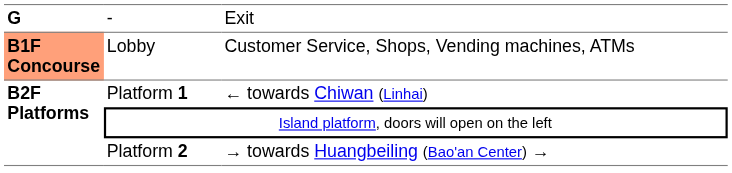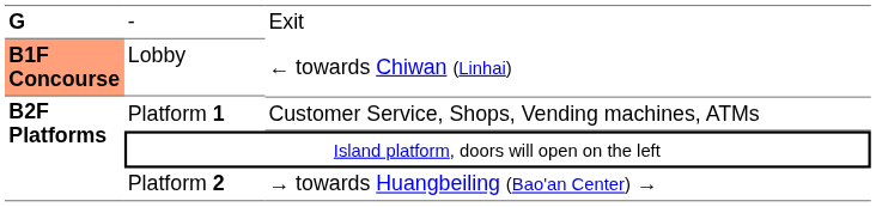 <table table border=0 cellspacing=0 cellpadding=3>
 <tr>
 <td style="border-top:solid 1px gray;" width=50 valign=top><strong>G</strong></td>
 <td style="border-top:solid 1px gray;" width=100 valign=top>-</td>
 <td style="border-top:solid 1px gray;" width=450 valign=top>Exit</td>
 </tr>
 <tr>
 <td style="background: lightsalmon; border-bottom:solid 1px gray; border-top:solid 1px gray;" valign=top width=50><strong>B1F<br>Concourse</strong></td>
 <td style="border-bottom:solid 1px gray; border-top:solid 1px gray;" valign=top width=100>Lobby</td>
-<td style="border-bottom:solid 1px gray; border-top:solid 1px gray;" valign=top width=450>Customer Service, Shops, Vending machines, ATMs</td>
+<td>←  towards <a href='#'>Chiwan</a> <small>(<a href='#'>Linhai</a>)</small></td>
 </tr>
 <tr>
 <td style="border-bottom:solid 1px gray;" rowspan="3" valign=top><strong>B2F<br>Platforms</strong></td>
 <td>Platform <strong>1</strong></td>
-<td>←  towards <a href='#'>Chiwan</a> <small>(<a href='#'>Linhai</a>)</small></td>
+<td style="border-bottom:solid 1px gray; border-top:solid 1px gray;" valign=top width=450>Customer Service, Shops, Vending machines, ATMs</td>
 </tr>
 <tr>
 <td style="border-right:solid 2px black;border-left:solid 2px black;border-top:solid 2px black;border-bottom:solid 2px black;text-align:center;" colspan=2><small><a href='#'>Island platform</a>, doors will open on the left</small></td>
 </tr>
 <tr>
 <td style="border-bottom:solid 1px gray;">Platform <strong>2</strong></td>
 <td style="border-bottom:solid 1px gray;"><span>→</span>  towards <a href='#'>Huangbeiling</a> <small>(<a href='#'>Bao'an Center</a>)</small> →</td>
 </tr>
 </table>
